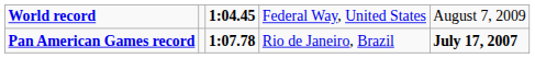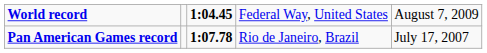 <table class="wikitable">
 <tr>
 <td><strong><a href='#'>World record</a></strong></td>
 <td></td>
 <td><strong>1:04.45</strong></td>
 <td><a href='#'>Federal Way</a>, <a href='#'>United States</a></td>
 <td>August 7, 2009</td>
 </tr>
 <tr>
 <td><strong><a href='#'>Pan American Games record</a></strong></td>
 <td></td>
 <td><strong>1:07.78</strong></td>
 <td><a href='#'>Rio de Janeiro</a>, <a href='#'>Brazil</a></td>
-<td><strong>July 17, 2007</strong></td>
+<td>July 17, 2007</td>
 </tr>
 </table>
